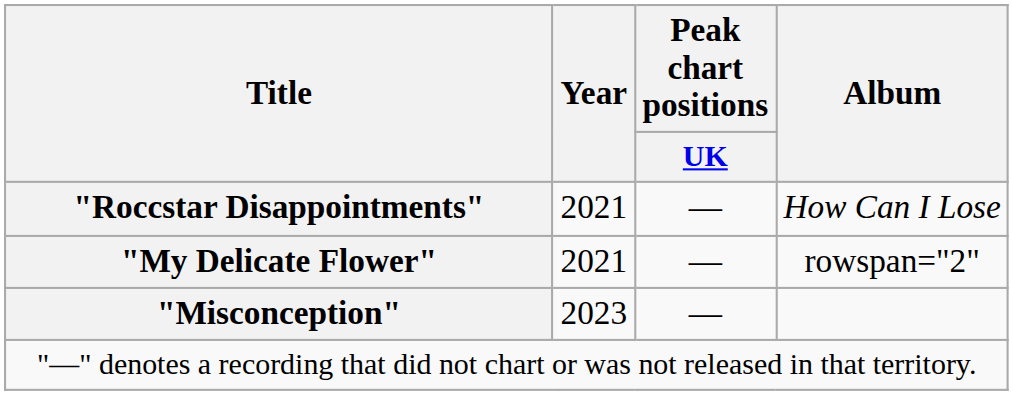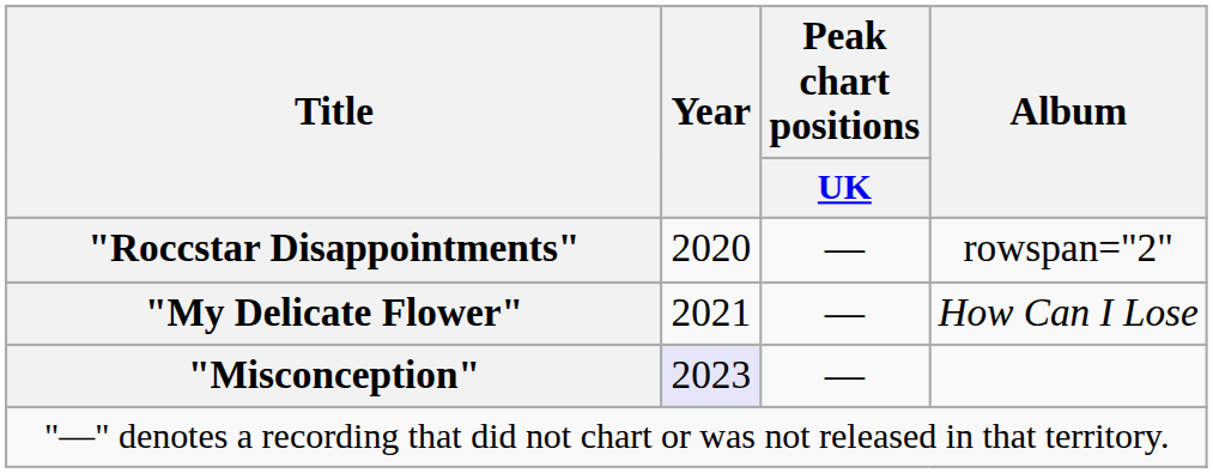 <table class="wikitable plainrowheaders" style="text-align:center;">
 <tr>
 <th scope="col" rowspan="2" style="width:16em;">Title</th>
 <th scope="col" rowspan="2">Year</th>
 <th scope="col" colspan="1">Peak chart positions</th>
 <th scope="col" rowspan="2">Album</th>
 </tr>
 <tr>
 <th scope="col" style="width:3em;font-size:90%;"><a href='#'>UK</a></th>
 </tr>
 <tr>
 <th scope="row">"Roccstar Disappointments" <br></th>
+<td>2020</td>
+<td>—</td>
+<td>rowspan="2" </td>
+</tr>
+<tr>
+<th scope="row">"My Delicate Flower" <br></th>
 <td>2021</td>
 <td>—</td>
 <td><em>How Can I Lose</em></td>
 </tr>
 <tr>
-<th scope="row">"My Delicate Flower" <br></th>
-<td>2021</td>
-<td>—</td>
-<td>rowspan="2" </td>
-</tr>
-<tr>
 <th scope="row">"Misconception" <br></th>
-<td>2023</td>
+<td style="background: lavender;">2023</td>
 <td>—</td>
 </tr>
 <tr>
 <td colspan="14" style="font-size:90%">"—" denotes a recording that did not chart or was not released in that territory.</td>
 </tr>
 </table>
